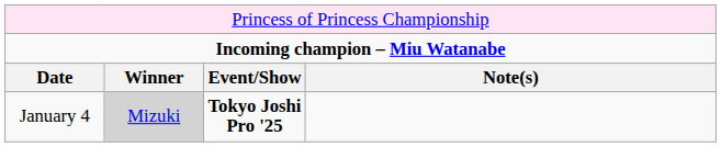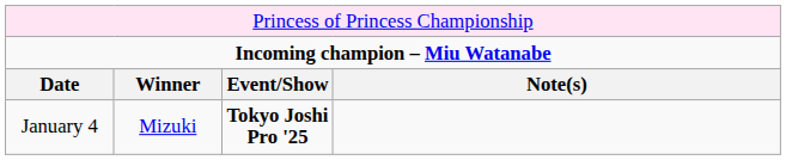 <table class="wikitable" style="text-align:center; width:100%;">
 <tr style="background:#ffe5f3;">
 <td colspan="4" style="text-align: center;"><a href='#'>Princess of Princess Championship</a></td>
 </tr>
 <tr>
 <td colspan="4" style="text-align: center;"><strong>Incoming champion – <a href='#'>Miu Watanabe</a></strong></td>
 </tr>
 <tr>
 <th width=14%>Date</th>
 <th width=14%>Winner</th>
 <th width=14%>Event/Show</th>
 <th width=58%>Note(s)</th>
 </tr>
 <tr>
 <td>January 4</td>
-<td style="background: lightgrey;"><a href='#'>Mizuki</a></td>
+<td><a href='#'>Mizuki</a></td>
 <td><strong>Tokyo Joshi Pro '25</strong></td>
 <td></td>
 </tr>
 </table>
